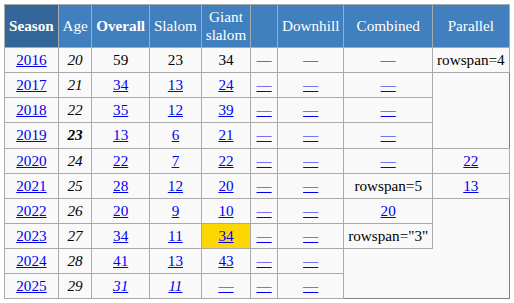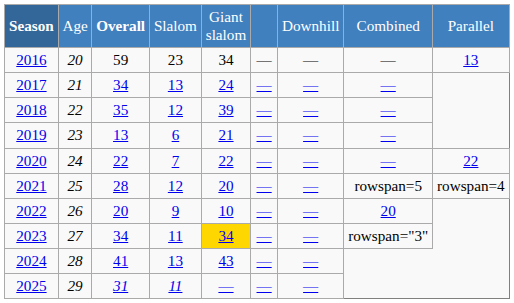 <table class="wikitable"  style="font-size:95%; text-align:center; border:gray solid 1px; width:40%;">
 <tr style="background:#369; color:white;">
 <td rowspan="2" style="width:6%;"><strong>Season</strong></td>
 </tr>
 <tr style="background:#4180be; color:white;">
 <td style="width:3%;">Age</td>
 <td style="width:5%;"><strong>Overall</strong></td>
 <td style="width:5%;">Slalom</td>
 <td style="width:5%;">Giant<br>slalom</td>
 <td style="width:5%;"></td>
 <td style="width:5%;">Downhill</td>
 <td style="width:5%;">Combined</td>
 <td style="width:5%;">Parallel</td>
 </tr>
 <tr>
 <td><a href='#'>2016</a></td>
 <td><em>20</em></td>
 <td>59</td>
 <td>23</td>
 <td>34</td>
 <td>—</td>
 <td>—</td>
 <td>—</td>
-<td>rowspan=4 </td>
+<td><a href='#'>13</a></td>
 </tr>
 <tr>
 <td><a href='#'>2017</a></td>
 <td><em>21</em></td>
 <td><a href='#'>34</a></td>
 <td><a href='#'>13</a></td>
 <td><a href='#'>24</a></td>
 <td><a href='#'>—</a></td>
 <td><a href='#'>—</a></td>
 <td><a href='#'>—</a></td>
 </tr>
 <tr>
 <td><a href='#'>2018</a></td>
 <td><em>22</em></td>
 <td><a href='#'>35</a></td>
 <td><a href='#'>12</a></td>
 <td><a href='#'>39</a></td>
 <td><a href='#'>—</a></td>
 <td><a href='#'>—</a></td>
 <td><a href='#'>—</a></td>
 </tr>
 <tr>
 <td><a href='#'>2019</a></td>
-<td><strong><em>23</em></strong></td>
+<td><em>23</em></td>
 <td><a href='#'>13</a></td>
 <td><a href='#'>6</a></td>
 <td><a href='#'>21</a></td>
 <td><a href='#'>—</a></td>
 <td><a href='#'>—</a></td>
 <td><a href='#'>—</a></td>
 </tr>
 <tr>
 <td><a href='#'>2020</a></td>
 <td><em>24</em></td>
 <td><a href='#'>22</a></td>
 <td><a href='#'>7</a></td>
 <td><a href='#'>22</a></td>
 <td><a href='#'>—</a></td>
 <td><a href='#'>—</a></td>
 <td><a href='#'>—</a></td>
 <td><a href='#'>22</a></td>
 </tr>
 <tr>
 <td><a href='#'>2021</a></td>
 <td><em>25</em></td>
 <td><a href='#'>28</a></td>
 <td><a href='#'>12</a></td>
 <td><a href='#'>20</a></td>
 <td><a href='#'>—</a></td>
 <td><a href='#'>—</a></td>
 <td>rowspan=5 </td>
-<td><a href='#'>13</a></td>
+<td>rowspan=4 </td>
 </tr>
 <tr>
 <td><a href='#'>2022</a></td>
 <td><em>26</em></td>
 <td><a href='#'>20</a></td>
 <td><a href='#'>9</a></td>
 <td><a href='#'>10</a></td>
 <td><a href='#'>—</a></td>
 <td><a href='#'>—</a></td>
 <td><a href='#'>20</a></td>
 </tr>
 <tr>
 <td><a href='#'>2023</a></td>
 <td><em>27</em></td>
 <td><a href='#'>34</a></td>
 <td><a href='#'>11</a></td>
 <td style="background: gold;"><a href='#'>34</a></td>
 <td><a href='#'>—</a></td>
 <td><a href='#'>—</a></td>
 <td>rowspan="3" </td>
 </tr>
 <tr>
 <td><a href='#'>2024</a></td>
 <td><em>28</em></td>
 <td><a href='#'>41</a></td>
 <td><a href='#'>13</a></td>
 <td><a href='#'>43</a></td>
 <td><a href='#'>—</a></td>
 <td><a href='#'>—</a></td>
 </tr>
 <tr>
 <td><a href='#'>2025</a></td>
 <td><em>29</em></td>
 <td><a href='#'><em>31</em></a></td>
 <td><a href='#'><em>11</em></a></td>
 <td><a href='#'>—</a></td>
 <td><a href='#'>—</a></td>
 <td><a href='#'>—</a></td>
 </tr>
 </table>
